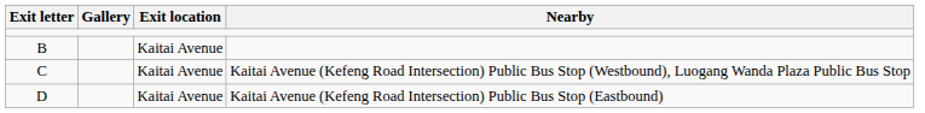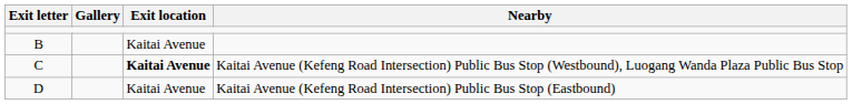 <table class="wikitable">
 <tr>
 <th colspan=2 style="width:70px">Exit letter</th>
 <th>Gallery</th>
 <th>Exit location</th>
 <th>Nearby</th>
 </tr>
 <tr style="background:#">
 <td colspan = "6"></td>
 </tr>
 <tr>
 <td colspan=2 align=center>B</td>
 <td></td>
 <td>Kaitai Avenue</td>
 <td></td>
 </tr>
 <tr>
 <td colspan=2 align=center>C</td>
 <td></td>
-<td>Kaitai Avenue</td>
+<td><strong>Kaitai Avenue</strong></td>
 <td>Kaitai Avenue (Kefeng Road Intersection) Public Bus Stop (Westbound), Luogang Wanda Plaza Public Bus Stop</td>
 </tr>
 <tr>
 <td colspan=2 align=center>D</td>
 <td></td>
 <td>Kaitai Avenue</td>
 <td>Kaitai Avenue (Kefeng Road Intersection) Public Bus Stop (Eastbound)</td>
 </tr>
 </table>
